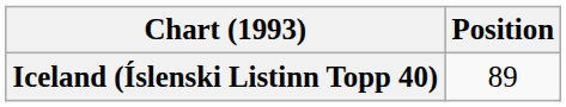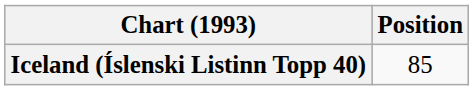 <table class="wikitable sortable plainrowheaders" style="text-align:center; display:inline-table;">
 <tr>
 <th scope="col">Chart (1993)</th>
 <th scope="col">Position</th>
 </tr>
 <tr>
 <th scope="row">Iceland (Íslenski Listinn Topp 40)</th>
-<td>89</td>
+<td>85</td>
 </tr>
 </table>
